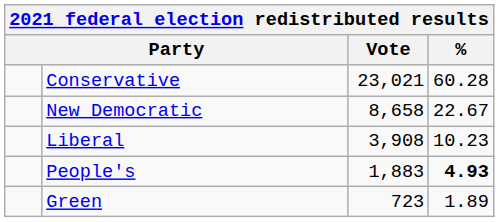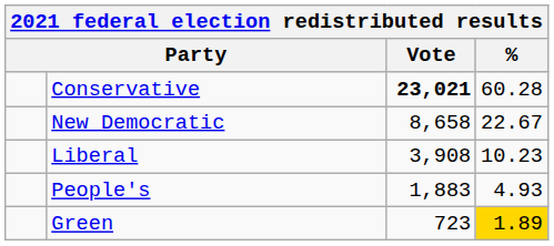 <table class="wikitable">
 <tr>
 <th colspan="4"><a href='#'>2021 federal election</a> redistributed results</th>
 </tr>
 <tr>
 <th bgcolor="#DDDDFF" width="130px" colspan="2">Party</th>
 <th bgcolor="#DDDDFF" width="50px">Vote</th>
 <th bgcolor="#DDDDFF" width="30px">%</th>
 </tr>
 <tr>
 <td> </td>
 <td><a href='#'>Conservative</a></td>
-<td align=right>23,021</td>
+<td align=right><strong>23,021</strong></td>
 <td align=right>60.28</td>
 </tr>
 <tr>
 <td> </td>
 <td><a href='#'>New Democratic</a></td>
 <td align=right>8,658</td>
 <td align=right>22.67</td>
 </tr>
 <tr>
 <td> </td>
 <td><a href='#'>Liberal</a></td>
 <td align=right>3,908</td>
 <td align=right>10.23</td>
 </tr>
 <tr>
 <td> </td>
 <td><a href='#'>People's</a></td>
 <td align=right>1,883</td>
-<td align=right><strong>4.93</strong></td>
+<td align=right>4.93</td>
 </tr>
 <tr>
 <td> </td>
 <td><a href='#'>Green</a></td>
 <td align=right>723</td>
-<td align=right>1.89</td>
+<td align=right style="background: gold;">1.89</td>
 </tr>
 </table>
